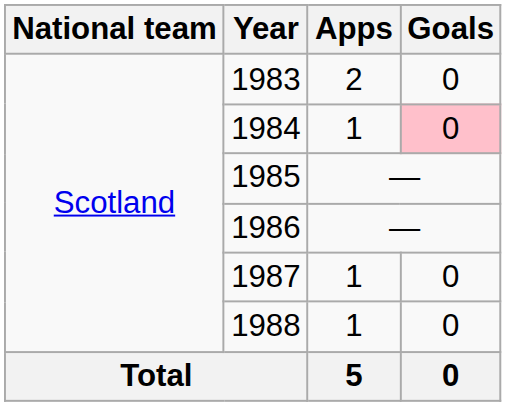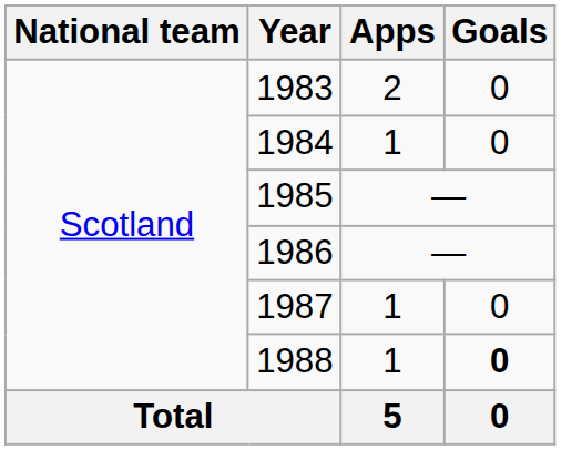 <table class="wikitable" style="text-align:center">
 <tr>
 <th>National team</th>
 <th>Year</th>
 <th>Apps</th>
 <th>Goals</th>
 </tr>
 <tr>
 <td rowspan="6"><a href='#'>Scotland</a></td>
 <td>1983</td>
 <td>2</td>
 <td>0</td>
 </tr>
 <tr>
 <td>1984</td>
 <td>1</td>
-<td style="background: pink;">0</td>
+<td>0</td>
 </tr>
 <tr>
 <td>1985</td>
 <td colspan="2">—</td>
 </tr>
 <tr>
 <td>1986</td>
 <td colspan="2">—</td>
 </tr>
 <tr>
 <td>1987</td>
 <td>1</td>
 <td>0</td>
 </tr>
 <tr>
 <td>1988</td>
 <td>1</td>
-<td>0</td>
+<td><strong>0</strong></td>
 </tr>
 <tr>
 <th colspan="2">Total</th>
 <th>5</th>
 <th>0</th>
 </tr>
 </table>
